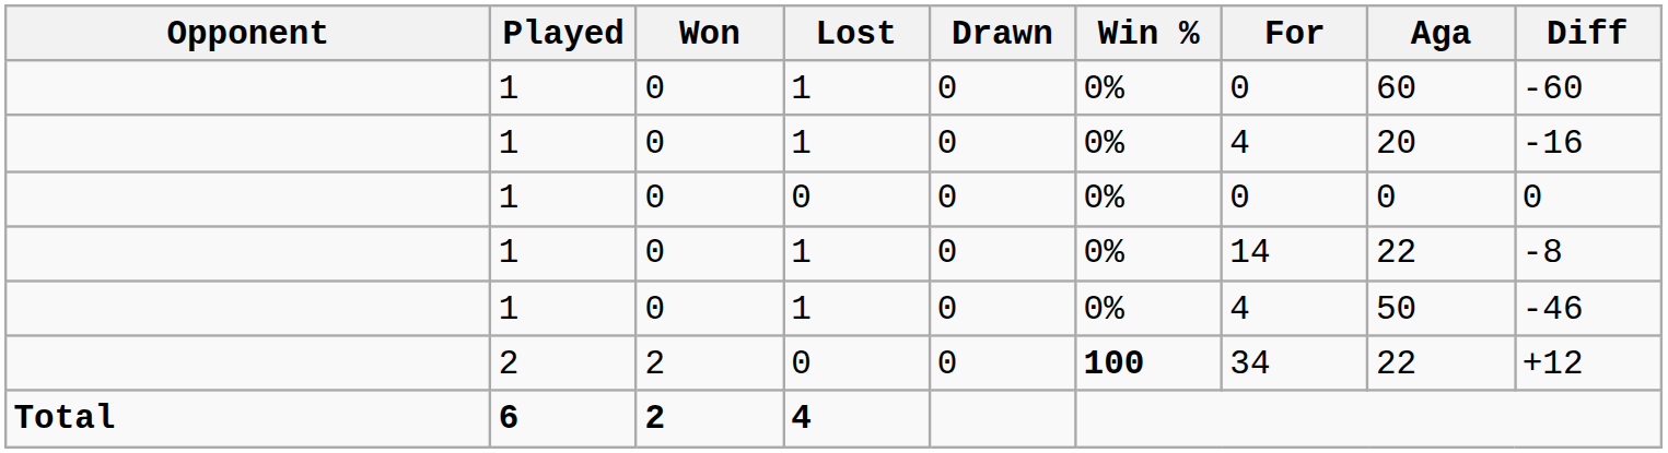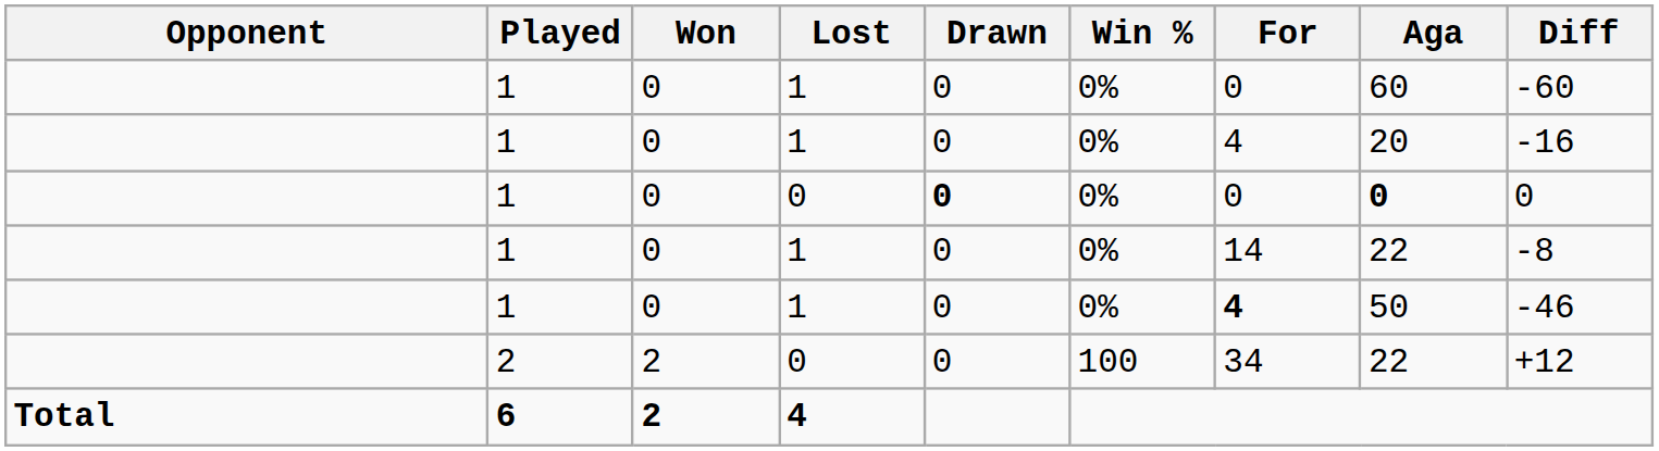 <table class="wikitable sortable" style="font-size:100%">
 <tr>
 <th style="width:180px;">Opponent</th>
 <th style="width:50px;">Played</th>
 <th style="width:50px;">Won</th>
 <th style="width:50px;">Lost</th>
 <th style="width:50px;">Drawn</th>
 <th style="width:50px;">Win %</th>
 <th style="width:50px;">For</th>
 <th style="width:50px;">Aga</th>
 <th style="width:50px;">Diff</th>
 </tr>
 <tr>
 <td style="text-align:left;"></td>
 <td>1</td>
 <td>0</td>
 <td>1</td>
 <td>0</td>
 <td>0%</td>
 <td>0</td>
 <td>60</td>
 <td>-60</td>
 </tr>
 <tr>
 <td style="text-align:left;"></td>
 <td>1</td>
 <td>0</td>
 <td>1</td>
 <td>0</td>
 <td>0%</td>
 <td>4</td>
 <td>20</td>
 <td>-16</td>
 </tr>
 <tr>
 <td style="text-align:left;"></td>
 <td>1</td>
 <td>0</td>
 <td>0</td>
-<td>0</td>
+<td><strong>0</strong></td>
 <td>0%</td>
 <td>0</td>
-<td>0</td>
+<td><strong>0</strong></td>
 <td>0</td>
 </tr>
 <tr>
 <td style="text-align:left;"></td>
 <td>1</td>
 <td>0</td>
 <td>1</td>
 <td>0</td>
 <td>0%</td>
 <td>14</td>
 <td>22</td>
 <td>-8</td>
 </tr>
 <tr>
 <td style="text-align:left;"></td>
 <td>1</td>
 <td>0</td>
 <td>1</td>
 <td>0</td>
 <td>0%</td>
-<td>4</td>
+<td><strong>4</strong></td>
 <td>50</td>
 <td>-46</td>
 </tr>
 <tr>
 <td style="text-align:left;"></td>
 <td>2</td>
 <td>2</td>
 <td>0</td>
 <td>0</td>
-<td><strong>100</strong></td>
+<td>100</td>
 <td>34</td>
 <td>22</td>
 <td>+12</td>
 </tr>
 <tr>
 <td style="text-align:left;"><strong>Total</strong></td>
 <td><strong>6</strong></td>
 <td><strong>2</strong></td>
 <td><strong>4</strong></td>
 <td></td>
 </tr>
 </table>
